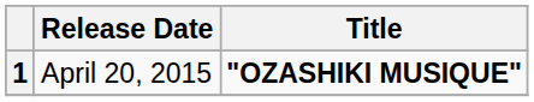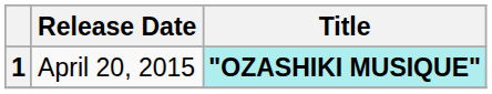 <table class="wikitable" style="font-size:small">
 <tr>
 <th></th>
 <th>Release Date</th>
 <th>Title</th>
 </tr>
 <tr>
 <th>1</th>
 <td>April 20, 2015</td>
-<td><strong>"OZASHIKI MUSIQUE"</strong></td>
+<td style="background: paleturquoise;"><strong>"OZASHIKI MUSIQUE"</strong></td>
 </tr>
 <tr>
 </tr>
 </table>
